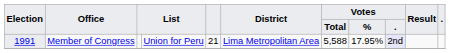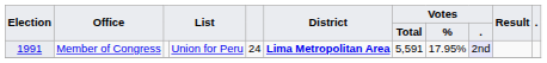 <table class="wikitable" style="font-size:90%; text-align:center;">
 <tr>
 <th style="background-color:#EAECF0;" rowspan=2>Election</th>
 <th style="background-color:#EAECF0;" rowspan=2>Office</th>
 <th style="background-color:#EAECF0;" colspan=2 rowspan=2>List</th>
 <th style="background-color:#EAECF0;" rowspan=2></th>
 <th style="background-color:#EAECF0;" rowspan=2>District</th>
 <th style="background-color:#EAECF0;" colspan=3>Votes</th>
 <th style="background-color:#EAECF0;" rowspan=2>Result</th>
 <th style="background-color:#EAECF0;" rowspan=2>.</th>
 </tr>
 <tr>
 <th style="background-color:#EAECF0;">Total</th>
 <th style="background-color:#EAECF0;">%</th>
 <th style="background-color:#EAECF0;">.</th>
 </tr>
 <tr>
 <td style="background-color:#EAECF0;"><a href='#'>1991</a></td>
 <td><a href='#'>Member of Congress</a></td>
 <td style="background-color:"></td>
 <td><a href='#'>Union for Peru</a></td>
-<td>21</td>
-<td><a href='#'>Lima Metropolitan Area</a></td>
-<td>5,588</td>
+<td>24</td>
+<td><strong><a href='#'>Lima Metropolitan Area</a></strong></td>
+<td>5,591</td>
 <td>17.95%</td>
 <td style="background: lavender;">2nd</td>
 <td></td>
 <td></td>
 </tr>
 <tr>
 </tr>
 </table>
